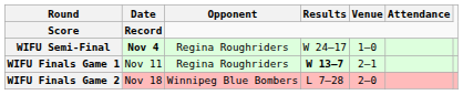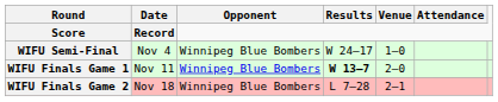 <table class="wikitable" style="text-align:center">
 <tr>
 <th>Round</th>
 <th>Date</th>
 <th>Opponent</th>
 <th>Results</th>
 <th>Venue</th>
 <th>Attendance</th>
 </tr>
 <tr>
 <th>Score</th>
 <th>Record</th>
 </tr>
 <tr style="background:#ddffdd">
 <th>WIFU Semi-Final</th>
-<td><strong>Nov 4</strong></td>
-<td>Regina Roughriders</td>
+<td>Nov 4</td>
+<td>Winnipeg Blue Bombers</td>
 <td>W 24–17</td>
 <td>1–0</td>
 <td></td>
 <td></td>
 </tr>
 <tr style="background:#ddffdd">
 <th>WIFU Finals Game 1</th>
 <td>Nov 11</td>
-<td>Regina Roughriders</td>
+<td><a href='#'>Winnipeg Blue Bombers</a></td>
 <td><strong>W 13–7</strong></td>
-<td>2–1</td>
+<td>2–0</td>
 <td></td>
 <td></td>
 </tr>
 <tr style="background:#ffbbbb">
 <th>WIFU Finals Game 2</th>
 <td>Nov 18</td>
 <td>Winnipeg Blue Bombers</td>
 <td>L 7–28</td>
-<td>2–0</td>
+<td>2–1</td>
 <td></td>
 <td></td>
 </tr>
 </table>
